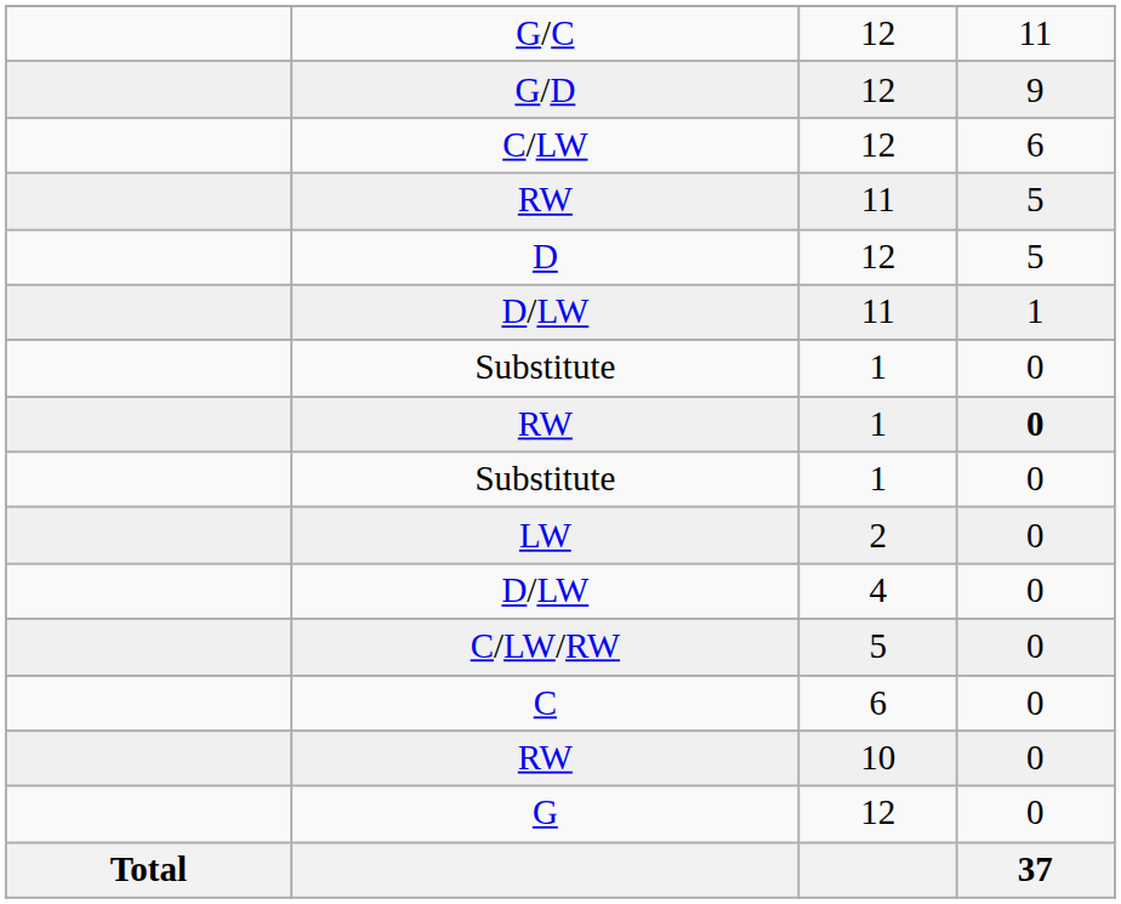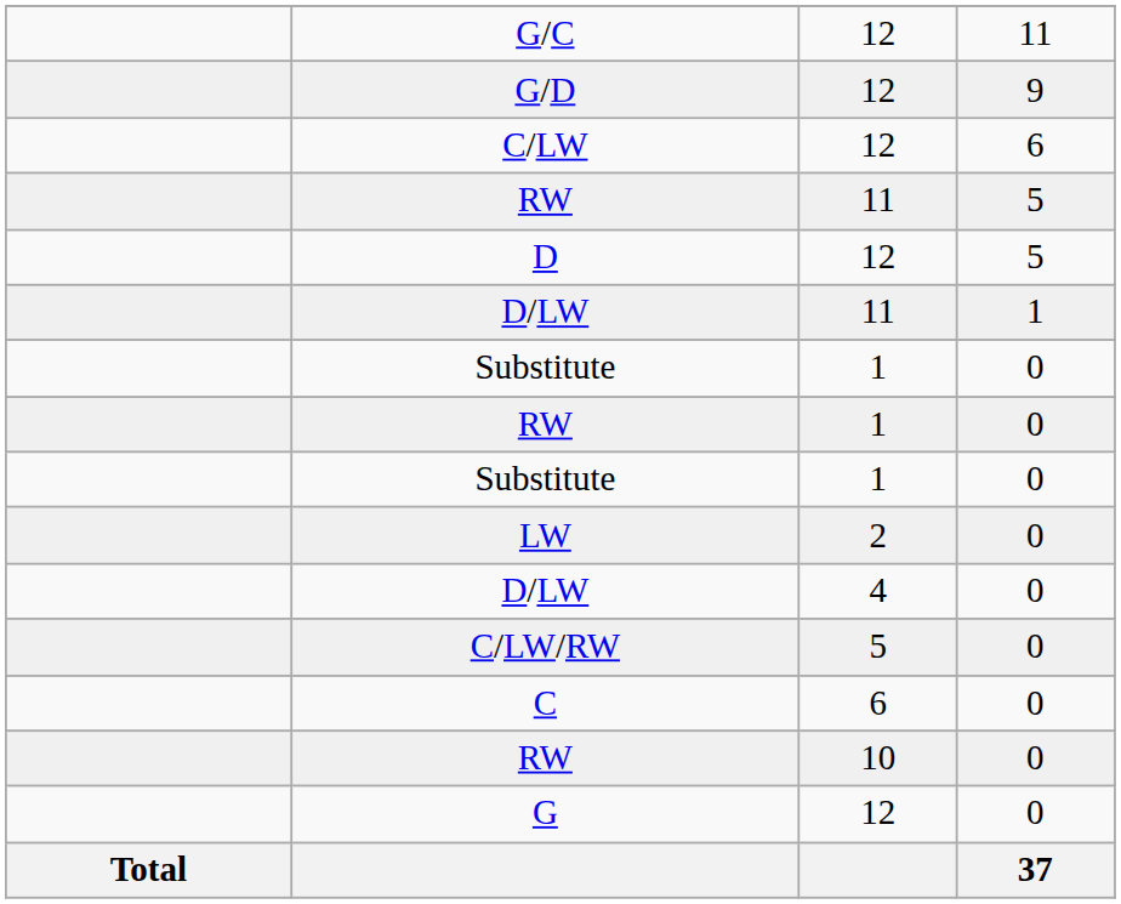 <table class="wikitable sortable" width ="40%">
 <tr align="center">
 </tr>
 <tr align="center" bgcolor="">
 <td></td>
 <td><a href='#'>G</a>/<a href='#'>C</a></td>
 <td>12</td>
 <td>11</td>
 </tr>
 <tr align="center" bgcolor="f0f0f0">
 <td></td>
 <td><a href='#'>G</a>/<a href='#'>D</a></td>
 <td>12</td>
 <td>9</td>
 </tr>
 <tr align="center" bgcolor="">
 <td></td>
 <td><a href='#'>C</a>/<a href='#'>LW</a></td>
 <td>12</td>
 <td>6</td>
 </tr>
 <tr align="center" bgcolor="f0f0f0">
 <td></td>
 <td><a href='#'>RW</a></td>
 <td>11</td>
 <td>5</td>
 </tr>
 <tr align="center" bgcolor="">
 <td></td>
 <td><a href='#'>D</a></td>
 <td>12</td>
 <td>5</td>
 </tr>
 <tr align="center" bgcolor="f0f0f0">
 <td></td>
 <td><a href='#'>D</a>/<a href='#'>LW</a></td>
 <td>11</td>
 <td>1</td>
 </tr>
 <tr align="center" bgcolor="">
 <td></td>
 <td>Substitute</td>
 <td>1</td>
 <td>0</td>
 </tr>
 <tr align="center" bgcolor="f0f0f0">
 <td></td>
 <td><a href='#'>RW</a></td>
 <td>1</td>
-<td><strong>0</strong></td>
+<td>0</td>
 </tr>
 <tr align="center" bgcolor="">
 <td></td>
 <td>Substitute</td>
 <td>1</td>
 <td>0</td>
 </tr>
 <tr align="center" bgcolor="f0f0f0">
 <td></td>
 <td><a href='#'>LW</a></td>
 <td>2</td>
 <td>0</td>
 </tr>
 <tr align="center" bgcolor="">
 <td></td>
 <td><a href='#'>D</a>/<a href='#'>LW</a></td>
 <td>4</td>
 <td>0</td>
 </tr>
 <tr align="center" bgcolor="f0f0f0">
 <td></td>
 <td><a href='#'>C</a>/<a href='#'>LW</a>/<a href='#'>RW</a></td>
 <td>5</td>
 <td>0</td>
 </tr>
 <tr align="center" bgcolor="">
 <td></td>
 <td><a href='#'>C</a></td>
 <td>6</td>
 <td>0</td>
 </tr>
 <tr align="center" bgcolor="f0f0f0">
 <td></td>
 <td><a href='#'>RW</a></td>
 <td>10</td>
 <td>0</td>
 </tr>
 <tr align="center" bgcolor="">
 <td></td>
 <td><a href='#'>G</a></td>
 <td>12</td>
 <td>0</td>
 </tr>
 <tr>
 <th>Total</th>
 <th></th>
 <th></th>
 <th>37</th>
 </tr>
 </table>
